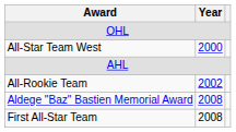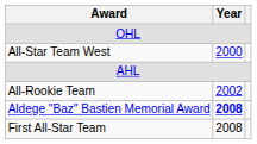 <table class="wikitable">
 <tr>
 <th>Award</th>
 <th>Year</th>
 <th></th>
 </tr>
 <tr ALIGN="center" bgcolor="#e0e0e0">
 <td colspan="3"><a href='#'>OHL</a></td>
 </tr>
 <tr>
 <td>All-Star Team West</td>
 <td><a href='#'>2000</a></td>
 <td></td>
 </tr>
 <tr ALIGN="center" bgcolor="#e0e0e0">
 <td colspan="3"><a href='#'>AHL</a></td>
 </tr>
 <tr>
 <td>All-Rookie Team</td>
 <td><a href='#'>2002</a></td>
 <td></td>
 </tr>
 <tr>
 <td><a href='#'>Aldege "Baz" Bastien Memorial Award</a></td>
-<td><a href='#'>2008</a></td>
+<td><strong><a href='#'>2008</a></strong></td>
 <td></td>
 </tr>
 <tr>
 <td>First All-Star Team</td>
 <td>2008</td>
 <td></td>
 </tr>
 </table>
